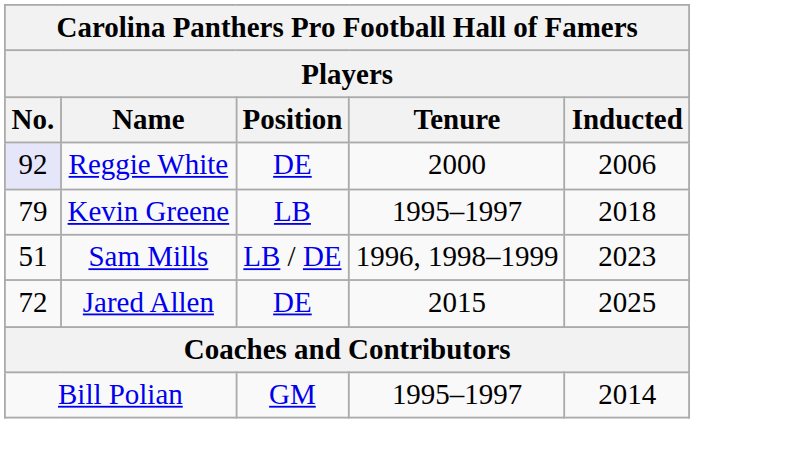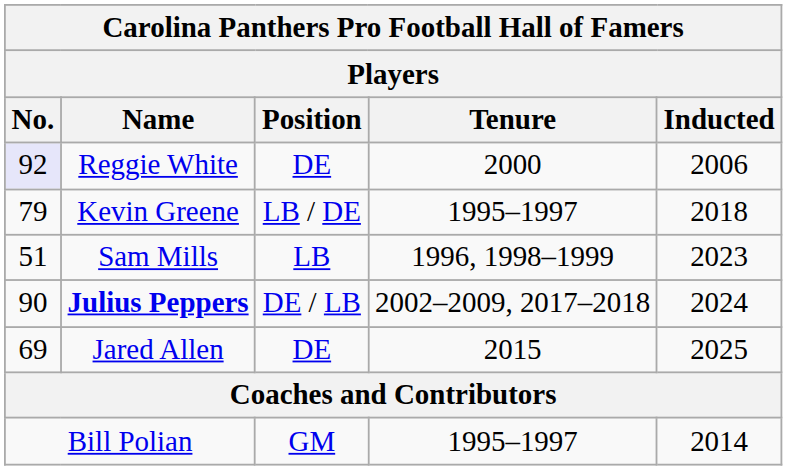 <table class="wikitable" style="text-align:center">
 <tr>
 <th colspan=5>Carolina Panthers Pro Football Hall of Famers</th>
 </tr>
 <tr>
 <th colspan=5>Players</th>
 </tr>
 <tr>
 <th>No.</th>
 <th>Name</th>
 <th>Position</th>
 <th>Tenure</th>
 <th>Inducted</th>
 </tr>
 <tr>
 <td style="background: lavender;">92</td>
 <td><a href='#'>Reggie White</a></td>
 <td><a href='#'>DE</a></td>
 <td>2000</td>
 <td>2006</td>
 </tr>
 <tr>
 <td>79</td>
 <td><a href='#'>Kevin Greene</a></td>
-<td><a href='#'>LB</a></td>
+<td><a href='#'>LB</a> / <a href='#'>DE</a></td>
 <td>1995–1997</td>
 <td>2018</td>
 </tr>
 <tr>
 <td>51</td>
 <td><a href='#'>Sam Mills</a></td>
-<td><a href='#'>LB</a> / <a href='#'>DE</a></td>
+<td><a href='#'>LB</a></td>
 <td>1996, 1998–1999</td>
 <td>2023</td>
 </tr>
 <tr>
-<td>72</td>
+<td>90</td>
+<td><strong><a href='#'>Julius Peppers</a></strong></td>
+<td><a href='#'>DE</a> / <a href='#'>LB</a></td>
+<td>2002–2009, 2017–2018</td>
+<td>2024</td>
+</tr>
+<tr>
+<td>69</td>
 <td><a href='#'>Jared Allen</a></td>
 <td><a href='#'>DE</a></td>
 <td>2015</td>
 <td>2025</td>
 </tr>
 <tr>
 <th colspan=5>Coaches and Contributors</th>
 </tr>
 <tr>
 <td colspan=2><a href='#'>Bill Polian</a></td>
 <td><a href='#'>GM</a></td>
 <td>1995–1997</td>
 <td>2014</td>
 </tr>
 </table>
